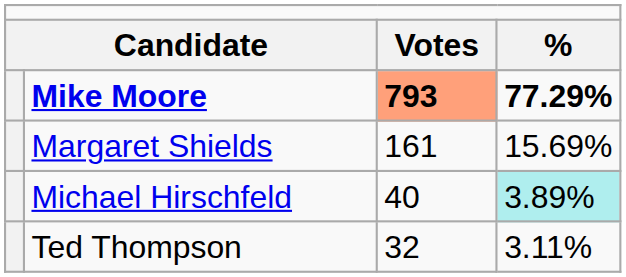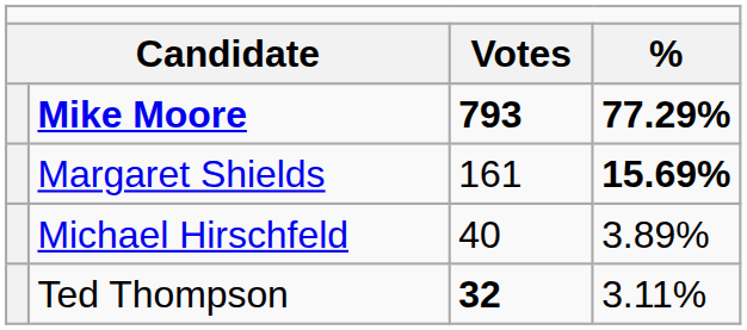 <table class="wikitable" style="font-size: 95%;">
 <tr>
 <td colspan=4></td>
 </tr>
 <tr style="background-color:#E9E9E9">
 <th colspan="2" style="width: 170px">Candidate</th>
 <th style="width: 50px">Votes</th>
 <th style="width: 40px">%</th>
 </tr>
 <tr>
 <th style="background-color: "></th>
 <td><strong><a href='#'>Mike Moore</a></strong></td>
-<td style="background: lightsalmon;"><strong>793</strong></td>
+<td><strong>793</strong></td>
 <td><strong>77.29%</strong></td>
 </tr>
 <tr>
 <th style="background-color: "></th>
 <td><a href='#'>Margaret Shields</a></td>
 <td>161</td>
-<td>15.69%</td>
+<td><strong>15.69%</strong></td>
 </tr>
 <tr>
 <th style="background-color: "></th>
 <td><a href='#'>Michael Hirschfeld</a></td>
 <td>40</td>
-<td style="background: paleturquoise;">3.89%</td>
+<td>3.89%</td>
 </tr>
 <tr>
 <th style="background-color: "></th>
 <td>Ted Thompson</td>
-<td>32</td>
+<td><strong>32</strong></td>
 <td>3.11%</td>
 </tr>
 </table>
